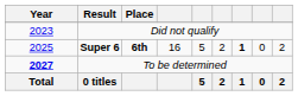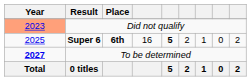 <table class="wikitable" style="font-size:90%; text-align:center;">
 <tr>
 <th width="90">Year</th>
 <th>Result</th>
 <th width="40">Place</th>
 <th width="40"></th>
 <th width="20"></th>
 <th width="20"></th>
 <th width="20"></th>
 <th width="20"></th>
 <th width="20"></th>
 </tr>
 <tr>
 </tr>
 <tr>
-<td> <a href='#'>2023</a></td>
+<td style="background: lightsalmon;"> <a href='#'>2023</a></td>
 <td colspan=8><em>Did not qualify</em></td>
 </tr>
 <tr>
 <td> <a href='#'>2025</a></td>
 <td><strong>Super 6</strong></td>
 <td><strong>6th</strong></td>
 <td>16</td>
-<td>5</td>
+<td><strong>5</strong></td>
 <td>2</td>
-<td><strong>1</strong></td>
+<td>1</td>
 <td>0</td>
 <td>2</td>
 </tr>
 <tr>
 <td><strong> <a href='#'>2027</a></strong></td>
 <td colspan="9"><em>To be determined</em></td>
 </tr>
 <tr>
 <th>Total</th>
 <th><strong>0 titles</strong></th>
 <th></th>
 <th></th>
 <th>5</th>
 <th>2</th>
 <th>1</th>
 <th>0</th>
 <th>2</th>
 </tr>
 </table>
